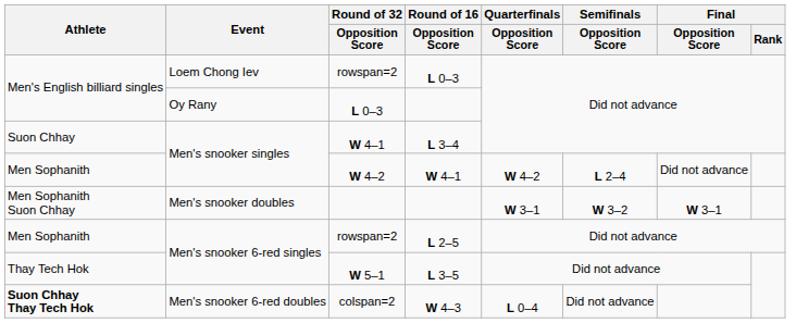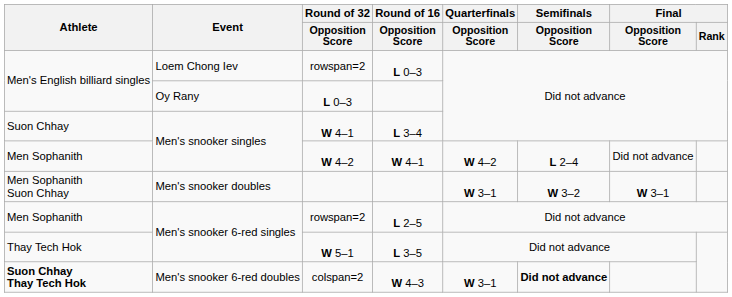 <table class="wikitable" style="font-size:90%">
 <tr>
 <th rowspan=2>Athlete</th>
 <th rowspan=2>Event</th>
 <th>Round of 32</th>
 <th>Round of 16</th>
 <th>Quarterfinals</th>
 <th>Semifinals</th>
 <th colspan=2>Final</th>
 </tr>
 <tr style="font-size:95%">
 <th>Opposition<br>Score</th>
 <th>Opposition<br>Score</th>
 <th>Opposition<br>Score</th>
 <th>Opposition<br>Score</th>
 <th>Opposition<br>Score</th>
 <th>Rank</th>
 </tr>
 <tr align=center>
 <td rowspan=2 align=left>Men's English billiard singles</td>
 <td align=left>Loem Chong Iev</td>
 <td>rowspan=2 </td>
 <td><br><strong>L</strong> 0–3</td>
 <td colspan=4 rowspan=3>Did not advance</td>
 </tr>
 <tr align=center>
 <td align=left>Oy Rany</td>
 <td><br><strong>L</strong> 0–3</td>
 </tr>
 <tr align=center>
 <td align=left>Suon Chhay</td>
 <td rowspan=2 align=left>Men's snooker singles</td>
 <td><br><strong>W</strong> 4–1</td>
 <td><br><strong>L</strong> 3–4</td>
 </tr>
 <tr align=center>
 <td align=left>Men Sophanith</td>
 <td><br><strong>W</strong> 4–2</td>
 <td><br><strong>W</strong> 4–1</td>
 <td><br><strong>W</strong> 4–2</td>
 <td><br><strong>L</strong> 2–4</td>
 <td>Did not advance</td>
 <td></td>
 </tr>
 <tr align=center>
 <td align=left>Men Sophanith<br>Suon Chhay</td>
 <td align=left>Men's snooker doubles</td>
 <td></td>
 <td></td>
 <td><br><strong>W</strong> 3–1</td>
 <td><br><strong>W</strong> 3–2</td>
 <td><br><strong>W</strong> 3–1</td>
 <td></td>
 </tr>
 <tr align=center>
 <td align=left>Men Sophanith</td>
 <td rowspan=2 align=left>Men's snooker 6-red singles</td>
 <td>rowspan=2 </td>
 <td><br><strong>L</strong> 2–5</td>
 <td colspan=4>Did not advance</td>
 </tr>
 <tr align=center>
 <td align=left>Thay Tech Hok</td>
 <td><br><strong>W</strong> 5–1</td>
 <td><br><strong>L</strong> 3–5</td>
 <td colspan=3>Did not advance</td>
 </tr>
 <tr align=center>
 <td align=left><strong>Suon Chhay<br>Thay Tech Hok</strong></td>
 <td align=left>Men's snooker 6-red doubles</td>
 <td>colspan=2 </td>
 <td><br><strong>W</strong> 4–3</td>
-<td><br><strong>L</strong> 0–4</td>
-<td>Did not advance</td>
+<td><br><strong>W</strong> 3–1</td>
+<td><strong>Did not advance</strong></td>
 <td></td>
 </tr>
 </table>
